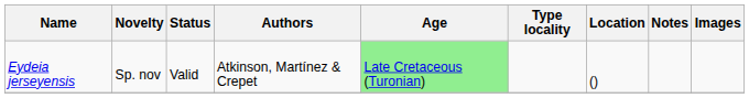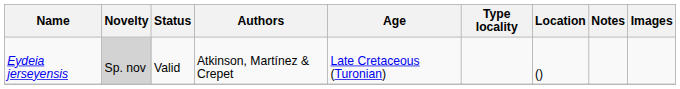 <table class="wikitable sortable" align="center" width="100%">
 <tr>
 <th>Name</th>
 <th>Novelty</th>
 <th>Status</th>
 <th>Authors</th>
 <th>Age</th>
 <th>Type locality</th>
 <th>Location</th>
 <th>Notes</th>
 <th>Images</th>
 </tr>
 <tr>
 <td><br><em><a href='#'>Eydeia jerseyensis</a></em></td>
-<td><br>Sp. nov</td>
+<td style="background: lightgrey;"><br>Sp. nov</td>
 <td><br>Valid</td>
 <td><br>Atkinson, Martínez & Crepet</td>
-<td style="background: lightgreen;"><br><a href='#'>Late Cretaceous</a> (<a href='#'>Turonian</a>)</td>
+<td><br><a href='#'>Late Cretaceous</a> (<a href='#'>Turonian</a>)</td>
 <td></td>
 <td><br><br>()</td>
 <td></td>
 <td></td>
 </tr>
 <tr>
 </tr>
 </table>
